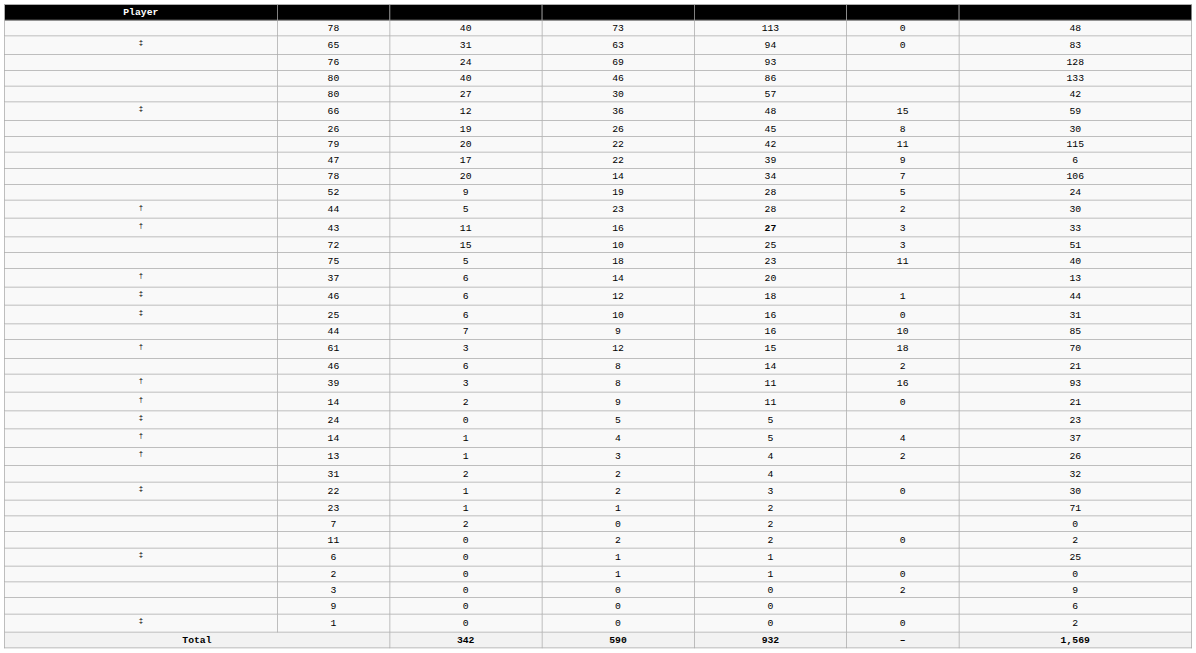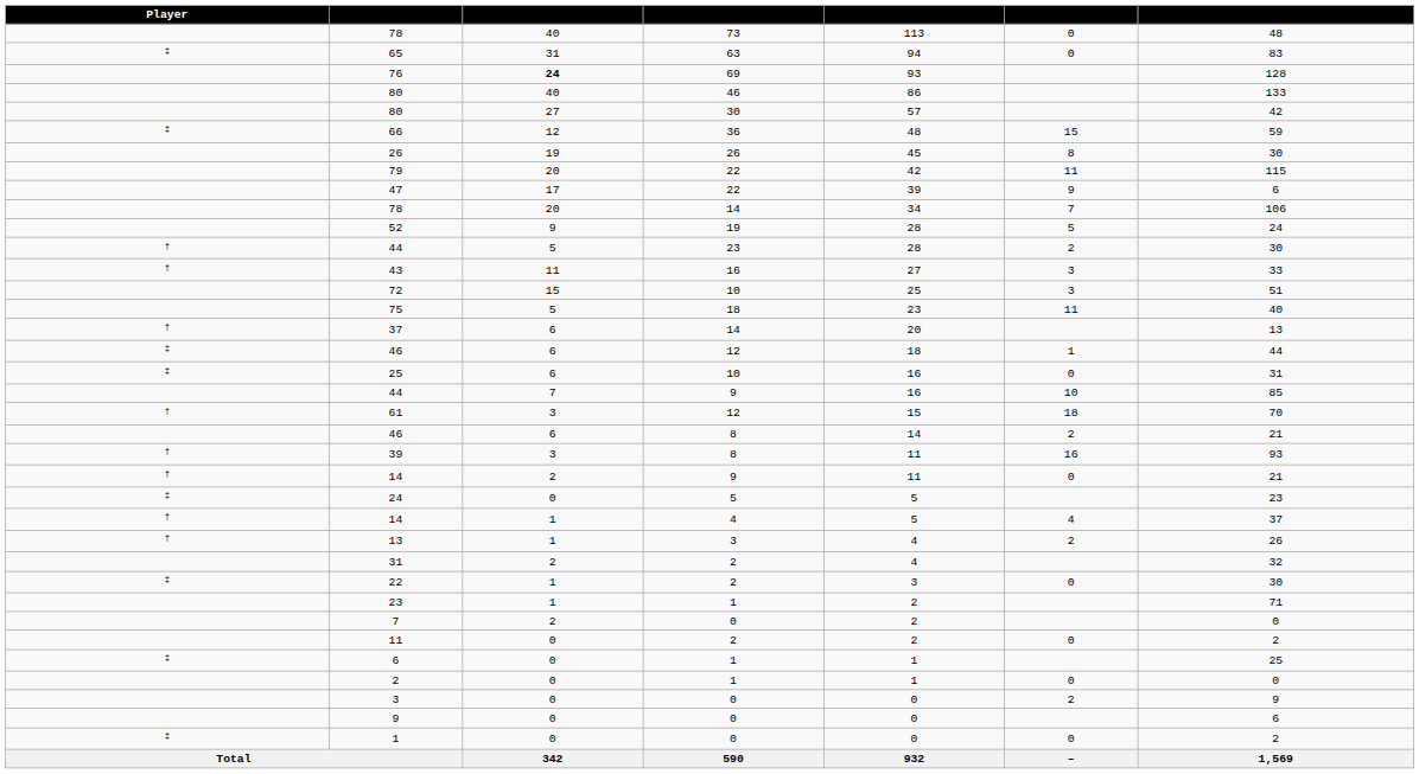 <table class="wikitable sortable" style="width:100%; text-align:center;">
 <tr align=center>
 <th style="color:white; background:#000000; ">Player</th>
 <th style="color:white; background:#000000; "></th>
 <th style="color:white; background:#000000; "></th>
 <th style="color:white; background:#000000; "></th>
 <th style="color:white; background:#000000; "></th>
 <th style="color:white; background:#000000; "></th>
 <th style="color:white; background:#000000; "></th>
 </tr>
 <tr>
 <td></td>
 <td>78</td>
 <td>40</td>
 <td>73</td>
 <td>113</td>
 <td>0</td>
 <td>48</td>
 </tr>
 <tr>
 <td><sup>‡</sup></td>
 <td>65</td>
 <td>31</td>
 <td>63</td>
 <td>94</td>
 <td>0</td>
 <td>83</td>
 </tr>
 <tr>
 <td></td>
 <td>76</td>
-<td>24</td>
+<td><strong>24</strong></td>
 <td>69</td>
 <td>93</td>
 <td></td>
 <td>128</td>
 </tr>
 <tr>
 <td></td>
 <td>80</td>
 <td>40</td>
 <td>46</td>
 <td>86</td>
 <td></td>
 <td>133</td>
 </tr>
 <tr>
 <td></td>
 <td>80</td>
 <td>27</td>
 <td>30</td>
 <td>57</td>
 <td></td>
 <td>42</td>
 </tr>
 <tr>
 <td><sup>‡</sup></td>
 <td>66</td>
 <td>12</td>
 <td>36</td>
 <td>48</td>
 <td>15</td>
 <td>59</td>
 </tr>
 <tr>
 <td></td>
 <td>26</td>
 <td>19</td>
 <td>26</td>
 <td>45</td>
 <td>8</td>
 <td>30</td>
 </tr>
 <tr>
 <td></td>
 <td>79</td>
 <td>20</td>
 <td>22</td>
 <td>42</td>
 <td>11</td>
 <td>115</td>
 </tr>
 <tr>
 <td></td>
 <td>47</td>
 <td>17</td>
 <td>22</td>
 <td>39</td>
 <td>9</td>
 <td>6</td>
 </tr>
 <tr>
 <td></td>
 <td>78</td>
 <td>20</td>
 <td>14</td>
 <td>34</td>
 <td>7</td>
 <td>106</td>
 </tr>
 <tr>
 <td></td>
 <td>52</td>
 <td>9</td>
 <td>19</td>
 <td>28</td>
 <td>5</td>
 <td>24</td>
 </tr>
 <tr>
 <td><sup>†</sup></td>
 <td>44</td>
 <td>5</td>
 <td>23</td>
 <td>28</td>
 <td>2</td>
 <td>30</td>
 </tr>
 <tr>
 <td><sup>†</sup></td>
 <td>43</td>
 <td>11</td>
 <td>16</td>
-<td><strong>27</strong></td>
+<td>27</td>
 <td>3</td>
 <td>33</td>
 </tr>
 <tr>
 <td></td>
 <td>72</td>
 <td>15</td>
 <td>10</td>
 <td>25</td>
 <td>3</td>
 <td>51</td>
 </tr>
 <tr>
 <td></td>
 <td>75</td>
 <td>5</td>
 <td>18</td>
 <td>23</td>
 <td>11</td>
 <td>40</td>
 </tr>
 <tr>
 <td><sup>†</sup></td>
 <td>37</td>
 <td>6</td>
 <td>14</td>
 <td>20</td>
 <td></td>
 <td>13</td>
 </tr>
 <tr>
 <td><sup>‡</sup></td>
 <td>46</td>
 <td>6</td>
 <td>12</td>
 <td>18</td>
 <td>1</td>
 <td>44</td>
 </tr>
 <tr>
 <td><sup>‡</sup></td>
 <td>25</td>
 <td>6</td>
 <td>10</td>
 <td>16</td>
 <td>0</td>
 <td>31</td>
 </tr>
 <tr>
 <td></td>
 <td>44</td>
 <td>7</td>
 <td>9</td>
 <td>16</td>
 <td>10</td>
 <td>85</td>
 </tr>
 <tr>
 <td><sup>†</sup></td>
 <td>61</td>
 <td>3</td>
 <td>12</td>
 <td>15</td>
 <td>18</td>
 <td>70</td>
 </tr>
 <tr>
 <td></td>
 <td>46</td>
 <td>6</td>
 <td>8</td>
 <td>14</td>
 <td>2</td>
 <td>21</td>
 </tr>
 <tr>
 <td><sup>†</sup></td>
 <td>39</td>
 <td>3</td>
 <td>8</td>
 <td>11</td>
 <td>16</td>
 <td>93</td>
 </tr>
 <tr>
 <td><sup>†</sup></td>
 <td>14</td>
 <td>2</td>
 <td>9</td>
 <td>11</td>
 <td>0</td>
 <td>21</td>
 </tr>
 <tr>
 <td><sup>‡</sup></td>
 <td>24</td>
 <td>0</td>
 <td>5</td>
 <td>5</td>
 <td></td>
 <td>23</td>
 </tr>
 <tr>
 <td><sup>†</sup></td>
 <td>14</td>
 <td>1</td>
 <td>4</td>
 <td>5</td>
 <td>4</td>
 <td>37</td>
 </tr>
 <tr>
 <td><sup>†</sup></td>
 <td>13</td>
 <td>1</td>
 <td>3</td>
 <td>4</td>
 <td>2</td>
 <td>26</td>
 </tr>
 <tr>
 <td></td>
 <td>31</td>
 <td>2</td>
 <td>2</td>
 <td>4</td>
 <td></td>
 <td>32</td>
 </tr>
 <tr>
 <td><sup>‡</sup></td>
 <td>22</td>
 <td>1</td>
 <td>2</td>
 <td>3</td>
 <td>0</td>
 <td>30</td>
 </tr>
 <tr>
 <td></td>
 <td>23</td>
 <td>1</td>
 <td>1</td>
 <td>2</td>
 <td></td>
 <td>71</td>
 </tr>
 <tr>
 <td></td>
 <td>7</td>
 <td>2</td>
 <td>0</td>
 <td>2</td>
 <td></td>
 <td>0</td>
 </tr>
 <tr>
 <td></td>
 <td>11</td>
 <td>0</td>
 <td>2</td>
 <td>2</td>
 <td>0</td>
 <td>2</td>
 </tr>
 <tr>
 <td><sup>‡</sup></td>
 <td>6</td>
 <td>0</td>
 <td>1</td>
 <td>1</td>
 <td></td>
 <td>25</td>
 </tr>
 <tr>
 <td></td>
 <td>2</td>
 <td>0</td>
 <td>1</td>
 <td>1</td>
 <td>0</td>
 <td>0</td>
 </tr>
 <tr>
 <td></td>
 <td>3</td>
 <td>0</td>
 <td>0</td>
 <td>0</td>
 <td>2</td>
 <td>9</td>
 </tr>
 <tr>
 <td></td>
 <td>9</td>
 <td>0</td>
 <td>0</td>
 <td>0</td>
 <td></td>
 <td>6</td>
 </tr>
 <tr>
 <td><sup>‡</sup></td>
 <td>1</td>
 <td>0</td>
 <td>0</td>
 <td>0</td>
 <td>0</td>
 <td>2</td>
 </tr>
 <tr class="sortbotom">
 <th colspan=2>Total</th>
 <th>342</th>
 <th>590</th>
 <th>932</th>
 <th>–</th>
 <th>1,569</th>
 </tr>
 </table>
